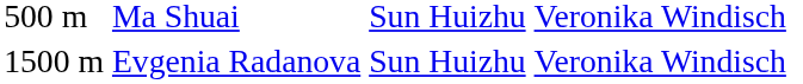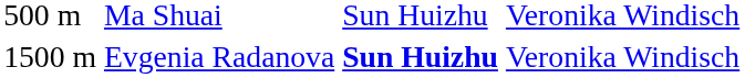 <table>
 <tr>
 <td>500 m</td>
 <td> <a href='#'>Ma Shuai</a></td>
 <td> <a href='#'>Sun Huizhu</a></td>
 <td> <a href='#'>Veronika Windisch</a></td>
 </tr>
 <tr>
 <td>1500 m</td>
 <td> <a href='#'>Evgenia Radanova</a></td>
-<td> <a href='#'>Sun Huizhu</a></td>
+<td><strong> <a href='#'>Sun Huizhu</a></strong></td>
 <td> <a href='#'>Veronika Windisch</a></td>
 </tr>
 </table>
